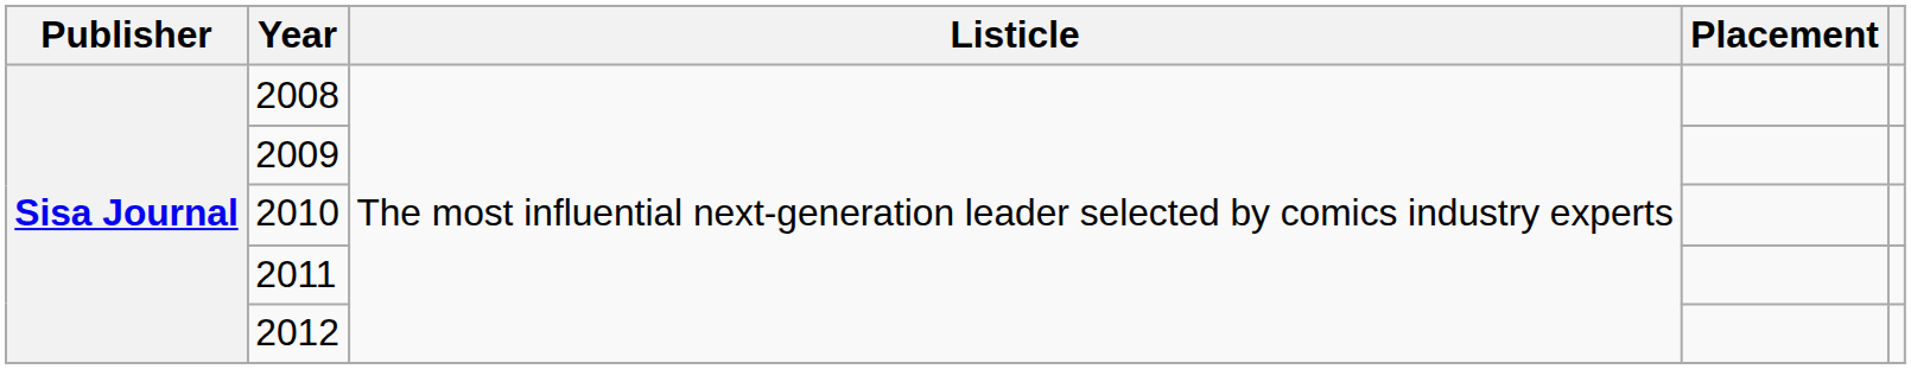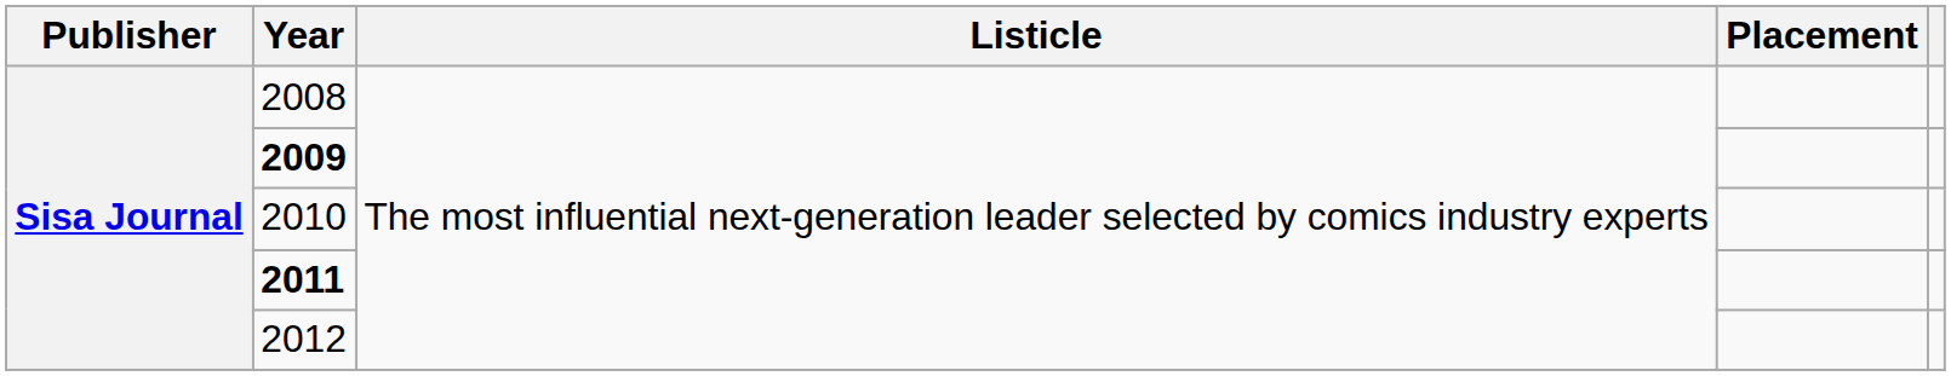 <table class="wikitable plainrowheaders sortable" style="text-align:left">
 <tr>
 <th scope="col">Publisher</th>
 <th scope="col">Year</th>
 <th scope="col">Listicle</th>
 <th scope="col">Placement</th>
 <th scope="col" class="unsortable"></th>
 </tr>
 <tr>
 <th scope="row" rowspan="5"><a href='#'>Sisa Journal</a></th>
 <td>2008</td>
 <td rowspan="5">The most influential next-generation leader selected by comics industry experts</td>
 <td></td>
 <td></td>
 </tr>
 <tr>
-<td>2009</td>
+<td><strong>2009</strong></td>
 <td></td>
 <td></td>
 </tr>
 <tr>
 <td>2010</td>
 <td></td>
 <td></td>
 </tr>
 <tr>
-<td>2011</td>
+<td><strong>2011</strong></td>
 <td></td>
 <td></td>
 </tr>
 <tr>
 <td>2012</td>
 <td></td>
 <td></td>
 </tr>
 </table>
